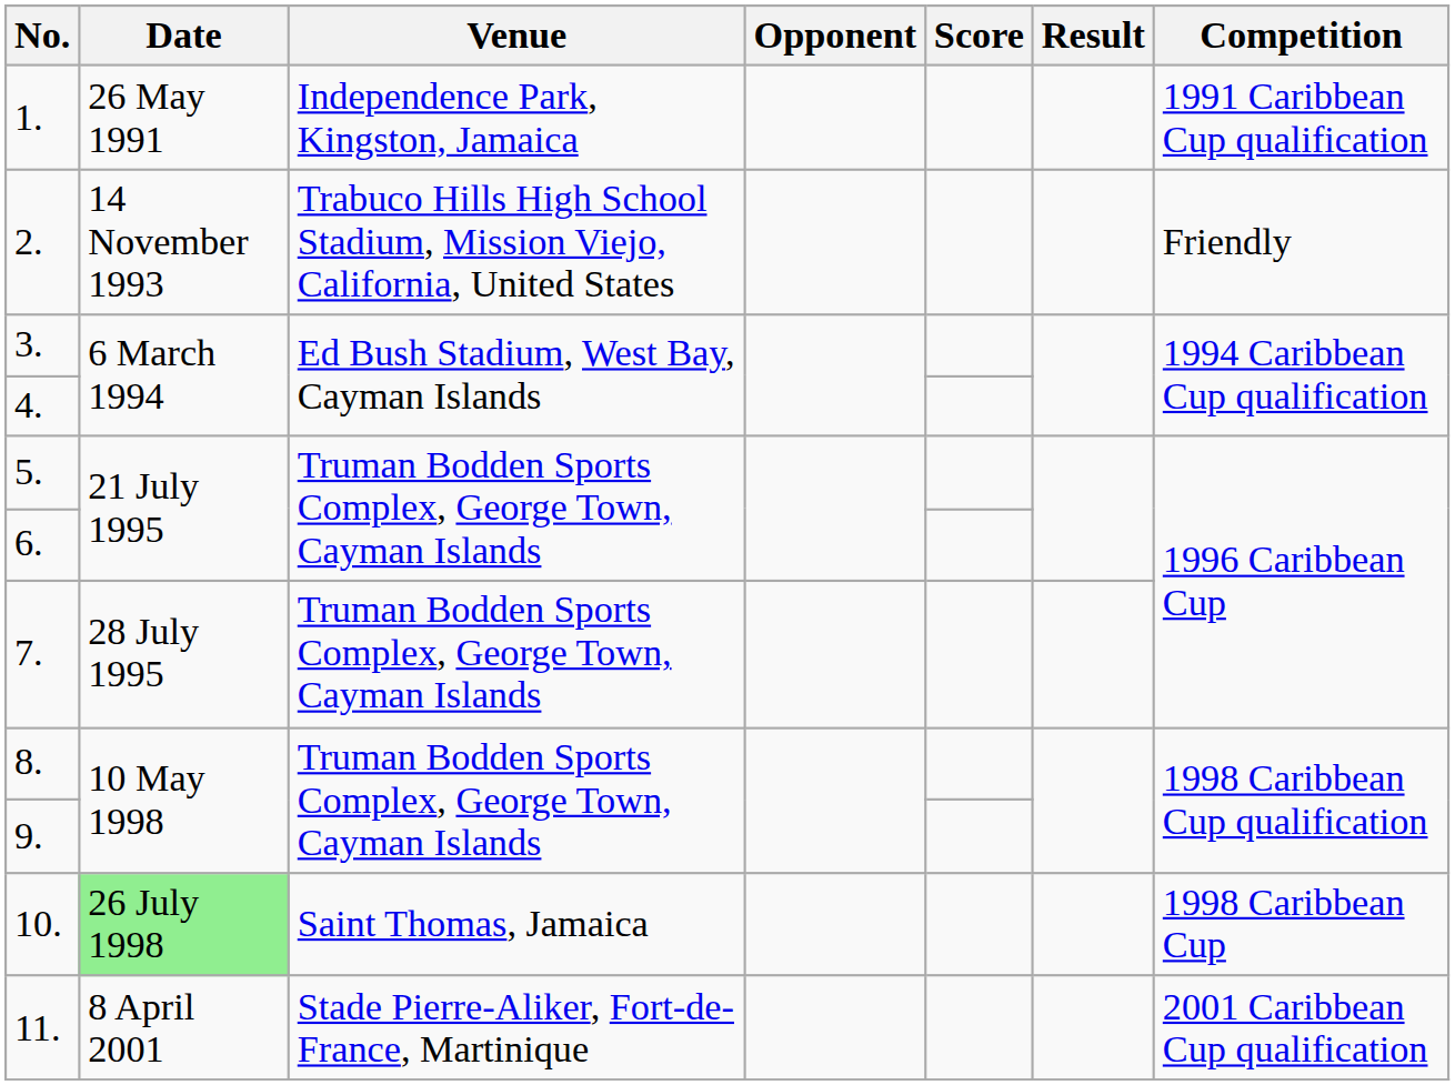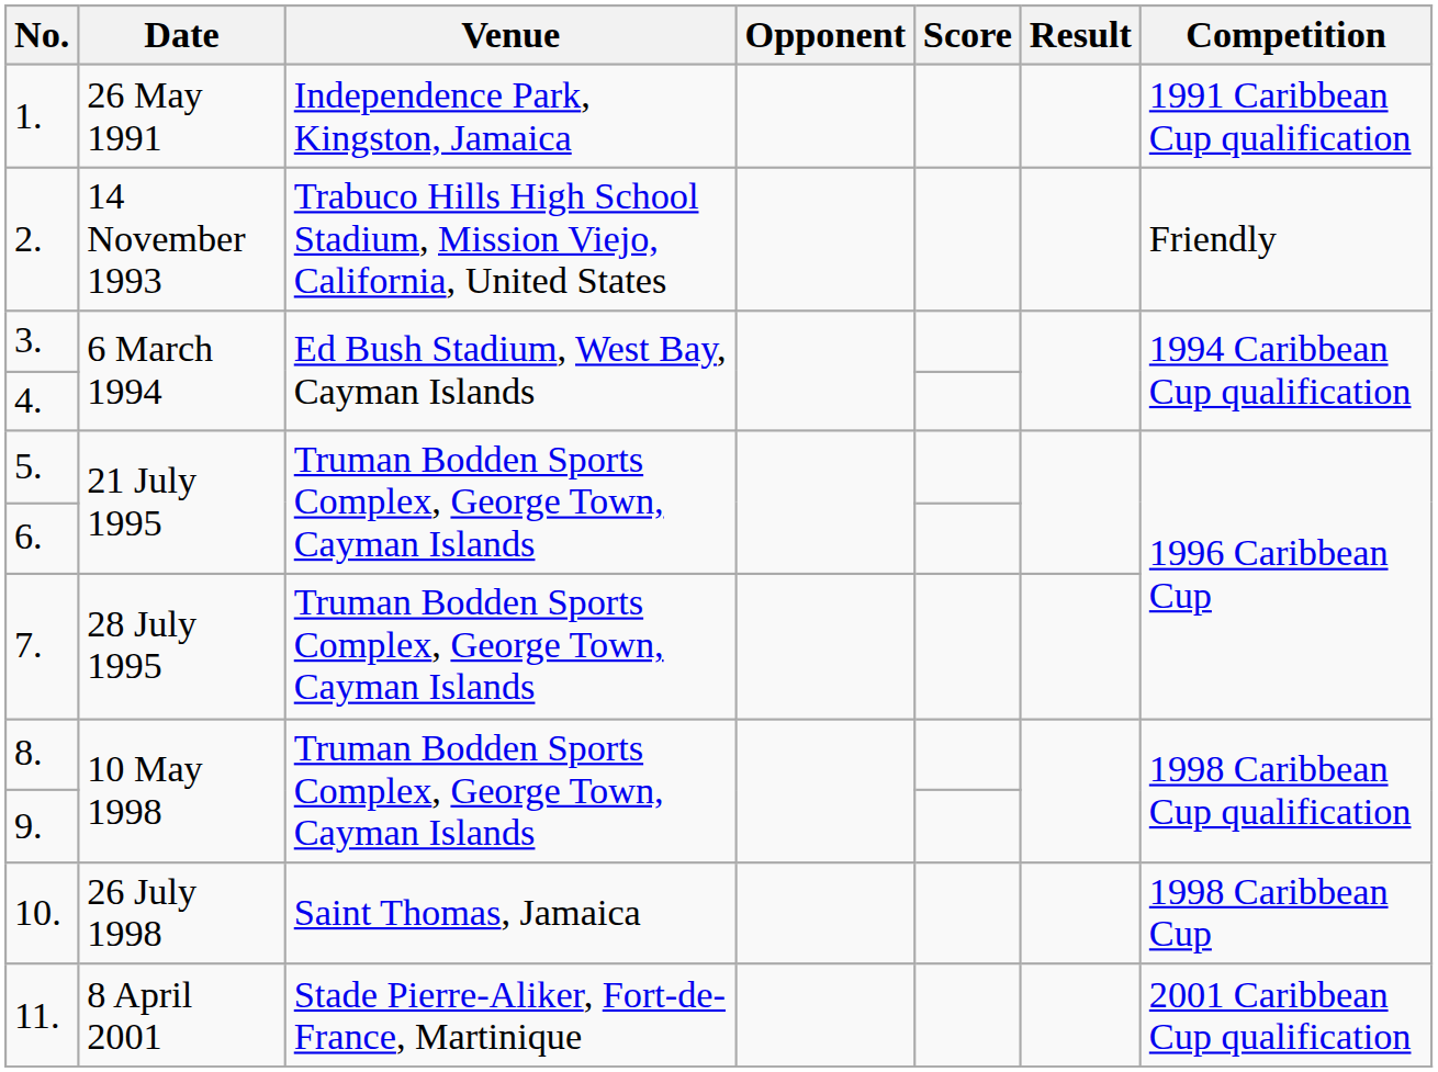 <table class="wikitable" style="font-size:100%;">
 <tr>
 <th>No.</th>
 <th>Date</th>
 <th>Venue</th>
 <th>Opponent</th>
 <th>Score</th>
 <th>Result</th>
 <th>Competition</th>
 </tr>
 <tr>
 <td>1.</td>
 <td>26 May 1991</td>
 <td><a href='#'>Independence Park</a>, <a href='#'>Kingston, Jamaica</a></td>
 <td></td>
 <td></td>
 <td></td>
 <td><a href='#'>1991 Caribbean Cup qualification</a></td>
 </tr>
 <tr>
 <td>2.</td>
 <td>14 November 1993</td>
 <td><a href='#'>Trabuco Hills High School Stadium</a>, <a href='#'>Mission Viejo, California</a>, United States</td>
 <td></td>
 <td></td>
 <td></td>
 <td>Friendly</td>
 </tr>
 <tr>
 <td>3.</td>
 <td rowspan="2">6 March 1994</td>
 <td rowspan="2"><a href='#'>Ed Bush Stadium</a>, <a href='#'>West Bay</a>, Cayman Islands</td>
 <td rowspan="2"></td>
 <td></td>
 <td rowspan="2"></td>
 <td rowspan="2"><a href='#'>1994 Caribbean Cup qualification</a></td>
 </tr>
 <tr>
 <td>4.</td>
 <td></td>
 </tr>
 <tr>
 <td>5.</td>
 <td rowspan="2">21 July 1995</td>
 <td rowspan="2"><a href='#'>Truman Bodden Sports Complex</a>, <a href='#'>George Town, Cayman Islands</a></td>
 <td rowspan="2"></td>
 <td></td>
 <td rowspan="2"></td>
 <td rowspan="3"><a href='#'>1996 Caribbean Cup</a></td>
 </tr>
 <tr>
 <td>6.</td>
 <td></td>
 </tr>
 <tr>
 <td>7.</td>
 <td>28 July 1995</td>
 <td><a href='#'>Truman Bodden Sports Complex</a>, <a href='#'>George Town, Cayman Islands</a></td>
 <td></td>
 <td></td>
 <td></td>
 </tr>
 <tr>
 <td>8.</td>
 <td rowspan="2">10 May 1998</td>
 <td rowspan="2"><a href='#'>Truman Bodden Sports Complex</a>, <a href='#'>George Town, Cayman Islands</a></td>
 <td rowspan="2"></td>
 <td></td>
 <td rowspan="2"></td>
 <td rowspan="2"><a href='#'>1998 Caribbean Cup qualification</a></td>
 </tr>
 <tr>
 <td>9.</td>
 <td></td>
 </tr>
 <tr>
 <td>10.</td>
-<td style="background: lightgreen;">26 July 1998</td>
+<td>26 July 1998</td>
 <td><a href='#'>Saint Thomas</a>, Jamaica</td>
 <td></td>
 <td></td>
 <td></td>
 <td><a href='#'>1998 Caribbean Cup</a></td>
 </tr>
 <tr>
 <td>11.</td>
 <td>8 April 2001</td>
 <td><a href='#'>Stade Pierre-Aliker</a>, <a href='#'>Fort-de-France</a>, Martinique</td>
 <td></td>
 <td></td>
 <td></td>
 <td><a href='#'>2001 Caribbean Cup qualification</a></td>
 </tr>
 <tr>
 </tr>
 </table>
